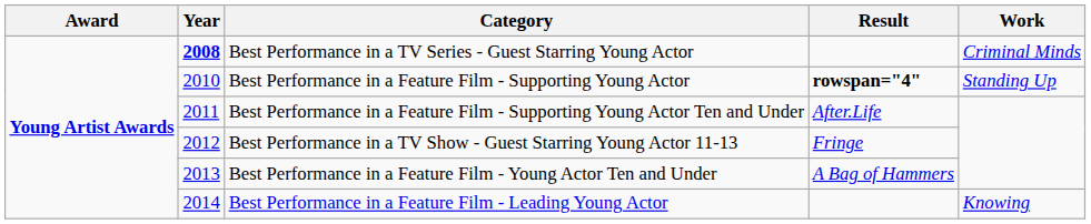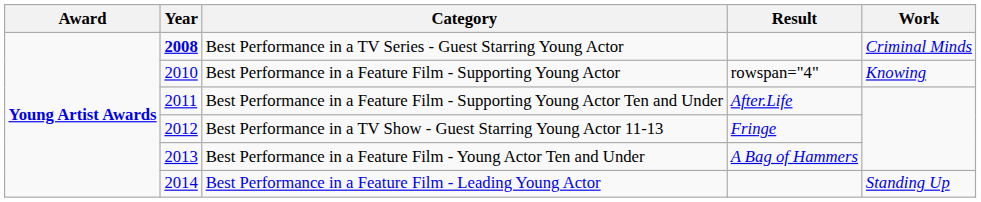 <table class="wikitable" style="font-size: 90%;">
 <tr>
 <th>Award</th>
 <th>Year</th>
 <th>Category</th>
 <th>Result</th>
 <th>Work</th>
 </tr>
 <tr>
 <td rowspan="6"><strong><a href='#'>Young Artist Awards</a></strong></td>
 <td><strong><a href='#'>2008</a></strong></td>
 <td>Best Performance in a TV Series - Guest Starring Young Actor</td>
 <td></td>
 <td><em><a href='#'>Criminal Minds</a></em></td>
 </tr>
 <tr>
 <td><a href='#'>2010</a></td>
 <td>Best Performance in a Feature Film - Supporting Young Actor</td>
-<td><strong>rowspan="4" </strong></td>
-<td><em><a href='#'>Standing Up</a></em></td>
+<td>rowspan="4" </td>
+<td><em><a href='#'>Knowing</a></em></td>
 </tr>
 <tr>
 <td><a href='#'>2011</a></td>
 <td>Best Performance in a Feature Film - Supporting Young Actor Ten and Under</td>
 <td><em><a href='#'>After.Life</a></em></td>
 </tr>
 <tr>
 <td><a href='#'>2012</a></td>
 <td>Best Performance in a TV Show - Guest Starring Young Actor 11-13</td>
 <td><em><a href='#'>Fringe</a></em></td>
 </tr>
 <tr>
 <td><a href='#'>2013</a></td>
 <td>Best Performance in a Feature Film - Young Actor Ten and Under</td>
 <td><em><a href='#'>A Bag of Hammers</a></em></td>
 </tr>
 <tr>
 <td><a href='#'>2014</a></td>
 <td><a href='#'>Best Performance in a Feature Film - Leading Young Actor</a></td>
 <td></td>
-<td><em><a href='#'>Knowing</a></em></td>
+<td><em><a href='#'>Standing Up</a></em></td>
 </tr>
 </table>
